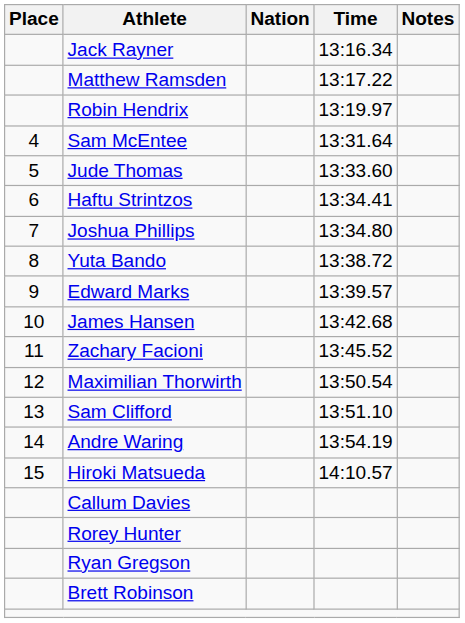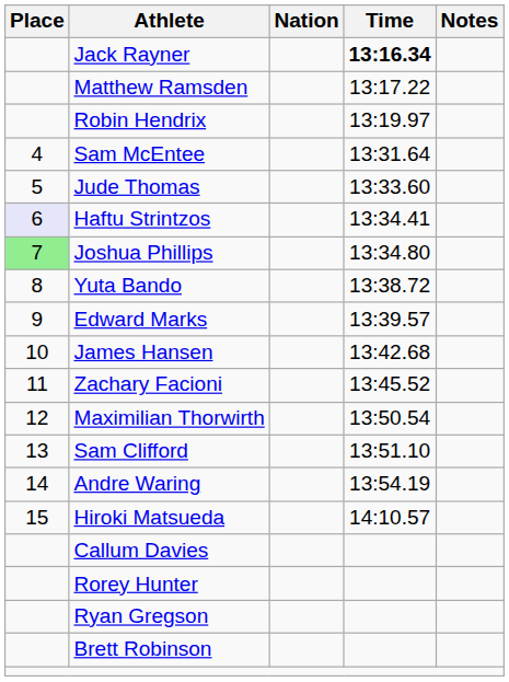 <table class="wikitable mw-datatable sortable" style="text-align:center;">
 <tr>
 <th scope="col">Place</th>
 <th scope="col">Athlete</th>
 <th scope="col">Nation</th>
 <th scope="col">Time</th>
 <th scope="col">Notes</th>
 </tr>
 <tr>
 <td></td>
 <td align="left"><a href='#'>Jack Rayner</a></td>
 <td align="left"></td>
-<td>13:16.34</td>
+<td><strong>13:16.34</strong></td>
 <td></td>
 </tr>
 <tr>
 <td></td>
 <td align="left"><a href='#'>Matthew Ramsden</a></td>
 <td align="left"></td>
 <td>13:17.22</td>
 <td></td>
 </tr>
 <tr>
 <td></td>
 <td align="left"><a href='#'>Robin Hendrix</a></td>
 <td align="left"></td>
 <td>13:19.97</td>
 <td></td>
 </tr>
 <tr>
 <td>4</td>
 <td align="left"><a href='#'>Sam McEntee</a></td>
 <td align="left"></td>
 <td>13:31.64</td>
 <td></td>
 </tr>
 <tr>
 <td>5</td>
 <td align="left"><a href='#'>Jude Thomas</a></td>
 <td align="left"></td>
 <td>13:33.60</td>
 <td></td>
 </tr>
 <tr>
-<td>6</td>
+<td style="background: lavender;">6</td>
 <td align="left"><a href='#'>Haftu Strintzos</a></td>
 <td align="left"></td>
 <td>13:34.41</td>
 <td></td>
 </tr>
 <tr>
-<td>7</td>
+<td style="background: lightgreen;">7</td>
 <td align="left"><a href='#'>Joshua Phillips</a></td>
 <td align="left"></td>
 <td>13:34.80</td>
 <td></td>
 </tr>
 <tr>
 <td>8</td>
 <td align="left"><a href='#'>Yuta Bando</a></td>
 <td align="left"></td>
 <td>13:38.72</td>
 <td></td>
 </tr>
 <tr>
 <td>9</td>
 <td align="left"><a href='#'>Edward Marks</a></td>
 <td align="left"></td>
 <td>13:39.57</td>
 <td></td>
 </tr>
 <tr>
 <td>10</td>
 <td align="left"><a href='#'>James Hansen</a></td>
 <td align="left"></td>
 <td>13:42.68</td>
 <td></td>
 </tr>
 <tr>
 <td>11</td>
 <td align="left"><a href='#'>Zachary Facioni</a></td>
 <td align="left"></td>
 <td>13:45.52</td>
 <td></td>
 </tr>
 <tr>
 <td>12</td>
 <td align="left"><a href='#'>Maximilian Thorwirth</a></td>
 <td align="left"></td>
 <td>13:50.54</td>
 <td></td>
 </tr>
 <tr>
 <td>13</td>
 <td align="left"><a href='#'>Sam Clifford</a></td>
 <td align="left"></td>
 <td>13:51.10</td>
 <td></td>
 </tr>
 <tr>
 <td>14</td>
 <td align="left"><a href='#'>Andre Waring</a></td>
 <td align="left"></td>
 <td>13:54.19</td>
 <td></td>
 </tr>
 <tr>
 <td>15</td>
 <td align="left"><a href='#'>Hiroki Matsueda</a></td>
 <td align="left"></td>
 <td>14:10.57</td>
 <td></td>
 </tr>
 <tr>
 <td></td>
 <td align="left"><a href='#'>Callum Davies</a></td>
 <td align="left"></td>
 <td></td>
 <td></td>
 </tr>
 <tr>
 <td></td>
 <td align="left"><a href='#'>Rorey Hunter</a></td>
 <td align="left"></td>
 <td></td>
 <td></td>
 </tr>
 <tr>
 <td></td>
 <td align="left"><a href='#'>Ryan Gregson</a></td>
 <td align="left"></td>
 <td></td>
 <td></td>
 </tr>
 <tr>
 <td></td>
 <td align="left"><a href='#'>Brett Robinson</a></td>
 <td align="left"></td>
 <td></td>
 <td></td>
 </tr>
 <tr class="sortbottom">
 <td colspan="5"></td>
 </tr>
 </table>
